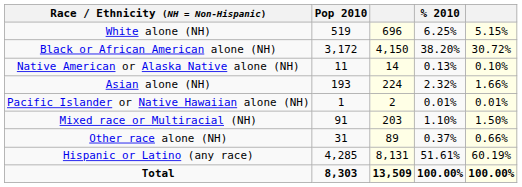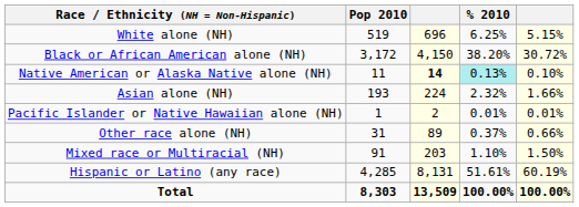 <table class="wikitable"style="text-align:center;">
 <tr>
 <th>Race / Ethnicity <small>(<em>NH = Non-Hispanic</em>)</small></th>
 <th>Pop 2010</th>
 <th></th>
 <th>% 2010</th>
 <th></th>
 </tr>
 <tr>
 <td><a href='#'>White</a> alone (NH)</td>
 <td>519</td>
 <td style='background: #ffffe6;'>696</td>
 <td>6.25%</td>
 <td style='background: #ffffe6;'>5.15%</td>
 </tr>
 <tr>
 <td><a href='#'>Black or African American</a> alone (NH)</td>
 <td>3,172</td>
 <td style='background: #ffffe6;'>4,150</td>
 <td>38.20%</td>
 <td style='background: #ffffe6;'>30.72%</td>
 </tr>
 <tr>
 <td><a href='#'>Native American</a> or <a href='#'>Alaska Native</a> alone (NH)</td>
 <td>11</td>
-<td style='background: #ffffe6;'>14</td>
-<td>0.13%</td>
+<td style='background: #ffffe6;'><strong>14</strong></td>
+<td style="background: paleturquoise;">0.13%</td>
 <td style='background: #ffffe6;'>0.10%</td>
 </tr>
 <tr>
 <td><a href='#'>Asian</a>  alone (NH)</td>
 <td>193</td>
 <td style='background: #ffffe6;'>224</td>
 <td>2.32%</td>
 <td style='background: #ffffe6;'>1.66%</td>
 </tr>
 <tr>
 <td><a href='#'>Pacific Islander</a> or <a href='#'>Native Hawaiian</a> alone (NH)</td>
 <td>1</td>
 <td style='background: #ffffe6;'>2</td>
 <td>0.01%</td>
 <td style='background: #ffffe6;'>0.01%</td>
 </tr>
 <tr>
+<td><a href='#'>Other race</a> alone (NH)</td>
+<td>31</td>
+<td style='background: #ffffe6;'>89</td>
+<td>0.37%</td>
+<td style='background: #ffffe6;'>0.66%</td>
+</tr>
+<tr>
 <td><a href='#'>Mixed race or Multiracial</a> (NH)</td>
 <td>91</td>
 <td style='background: #ffffe6;'>203</td>
 <td>1.10%</td>
 <td style='background: #ffffe6;'>1.50%</td>
-</tr>
-<tr>
-<td><a href='#'>Other race</a> alone (NH)</td>
-<td>31</td>
-<td style='background: #ffffe6;'>89</td>
-<td>0.37%</td>
-<td style='background: #ffffe6;'>0.66%</td>
 </tr>
 <tr>
 <td><a href='#'>Hispanic or Latino</a> (any race)</td>
 <td>4,285</td>
 <td style='background: #ffffe6;'>8,131</td>
 <td>51.61%</td>
 <td style='background: #ffffe6;'>60.19%</td>
 </tr>
 <tr>
 <td><strong>Total</strong></td>
 <td><strong>8,303</strong></td>
 <td style='background: #ffffe6;'><strong>13,509</strong></td>
 <td><strong>100.00%</strong></td>
 <td style='background: #ffffe6;'><strong>100.00%</strong></td>
 </tr>
 </table>
